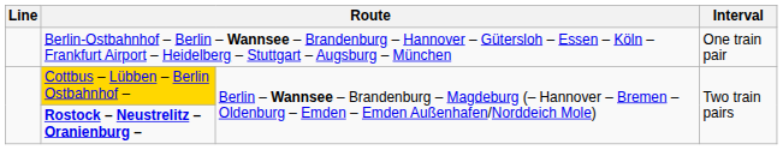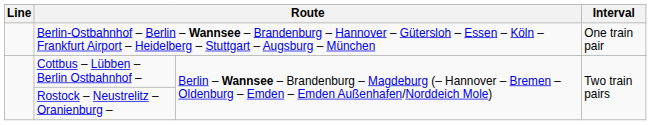 <table class="wikitable">
 <tr>
 <th>Line</th>
 <th colspan="2">Route</th>
 <th>Interval</th>
 </tr>
 <tr>
 <td align="center"></td>
 <td colspan="2"><a href='#'>Berlin-Ostbahnhof</a> – <a href='#'>Berlin</a> – <strong>Wannsee</strong> – <a href='#'>Brandenburg</a> – <a href='#'>Hannover</a> – <a href='#'>Gütersloh</a> – <a href='#'>Essen</a> – <a href='#'>Köln</a> – <a href='#'>Frankfurt Airport</a> – <a href='#'>Heidelberg</a> – <a href='#'>Stuttgart</a> – <a href='#'>Augsburg</a> – <a href='#'>München</a></td>
 <td>One train pair</td>
 </tr>
 <tr>
 <td rowspan="2" align="center"></td>
-<td style="background: gold;"><a href='#'>Cottbus</a> – <a href='#'>Lübben</a> – <a href='#'>Berlin Ostbahnhof</a> –</td>
+<td><a href='#'>Cottbus</a> – <a href='#'>Lübben</a> – <a href='#'>Berlin Ostbahnhof</a> –</td>
 <td rowspan="2"><a href='#'>Berlin</a> – <strong>Wannsee</strong> – Brandenburg – <a href='#'>Magdeburg</a> (– Hannover – <a href='#'>Bremen</a> – <a href='#'>Oldenburg</a> – <a href='#'>Emden</a> – <a href='#'>Emden Außenhafen</a>/<a href='#'>Norddeich Mole</a>)</td>
 <td rowspan="2">Two train pairs</td>
 </tr>
 <tr>
-<td><strong><a href='#'>Rostock</a> – <a href='#'>Neustrelitz</a> – <a href='#'>Oranienburg</a> –</strong></td>
+<td><a href='#'>Rostock</a> – <a href='#'>Neustrelitz</a> – <a href='#'>Oranienburg</a> –</td>
 </tr>
 </table>
